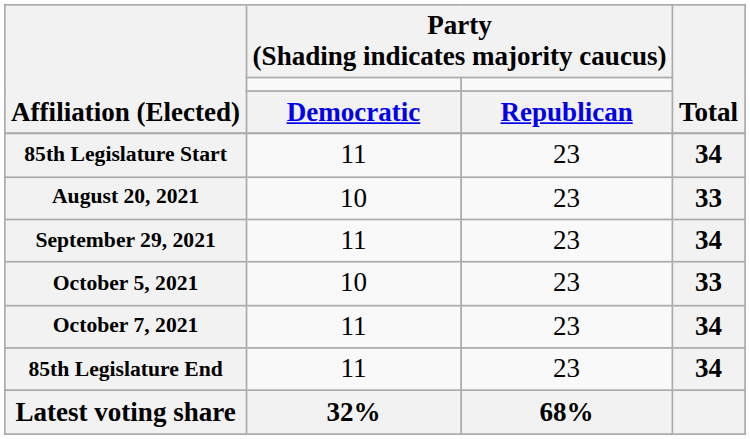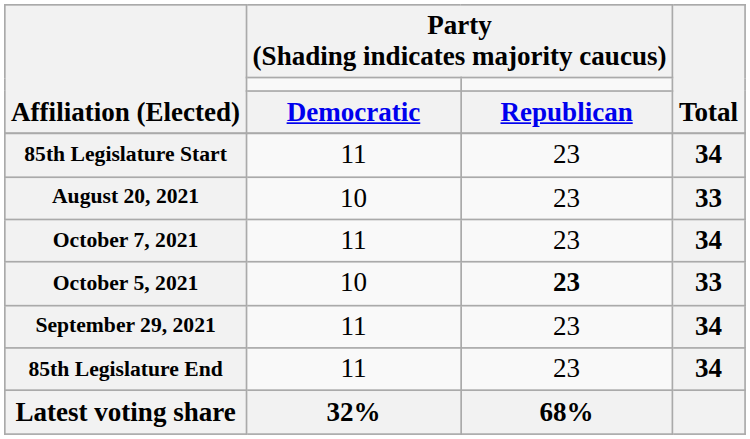 <table class="wikitable" style="text-align:center">
 <tr style="vertical-align:bottom;">
 <th rowspan="3">Affiliation (Elected)</th>
 <th colspan="2">Party <div>(Shading indicates majority caucus)</div></th>
 <th rowspan="3">Total</th>
 </tr>
 <tr style="height:5px">
 <td style="background-color:"></td>
 <td style="background-color:"></td>
 </tr>
 <tr>
 <th><a href='#'>Democratic</a></th>
 <th><a href='#'>Republican</a></th>
 </tr>
 <tr>
 </tr>
 <tr>
 <th nowrap="" style="font-size:80%">85th Legislature Start</th>
 <td>11</td>
 <td>23</td>
 <th>34</th>
 </tr>
 <tr>
 <th nowrap="" style="font-size:80%">August 20, 2021</th>
 <td>10</td>
 <td>23</td>
 <th>33</th>
 </tr>
 <tr>
-<th nowrap="" style="font-size:80%">September 29, 2021</th>
+<th nowrap="" style="font-size:80%">October 7, 2021</th>
 <td>11</td>
 <td>23</td>
 <th>34</th>
 </tr>
 <tr>
 <th nowrap="" style="font-size:80%">October 5, 2021</th>
 <td>10</td>
-<td>23</td>
+<td><strong>23</strong></td>
 <th>33</th>
 </tr>
 <tr>
-<th nowrap="" style="font-size:80%">October 7, 2021</th>
+<th nowrap="" style="font-size:80%">September 29, 2021</th>
 <td>11</td>
 <td>23</td>
 <th>34</th>
 </tr>
 <tr>
 <th nowrap="" style="font-size:80%">85th Legislature End</th>
 <td>11</td>
 <td>23</td>
 <th>34</th>
 </tr>
 <tr>
 <th>Latest voting share</th>
 <th>32%</th>
 <th>68%</th>
 <th></th>
 </tr>
 </table>
